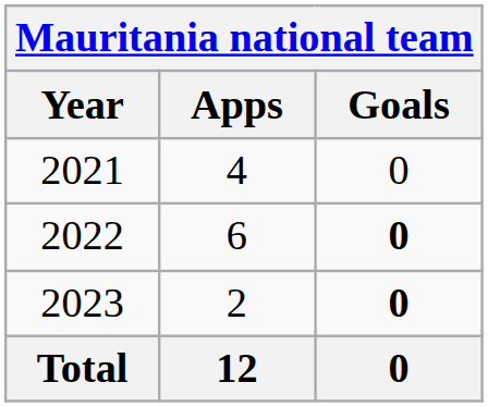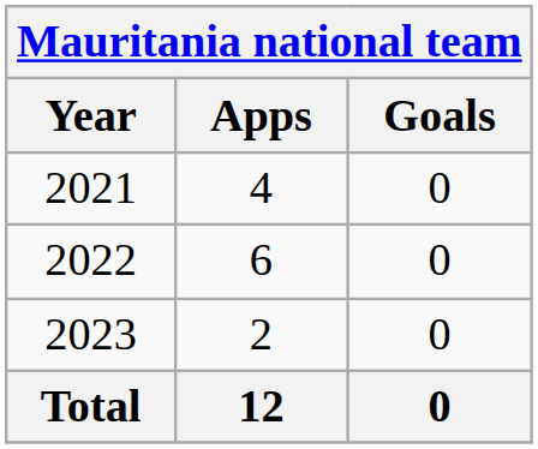 <table class="wikitable" style="text-align:center">
 <tr>
 <th colspan=3><a href='#'>Mauritania national team</a></th>
 </tr>
 <tr>
 <th>Year</th>
 <th>Apps</th>
 <th>Goals</th>
 </tr>
 <tr>
 <td>2021</td>
 <td>4</td>
 <td>0</td>
 </tr>
 <tr>
 <td>2022</td>
 <td>6</td>
-<td><strong>0</strong></td>
+<td>0</td>
 </tr>
 <tr>
 <td>2023</td>
 <td>2</td>
-<td><strong>0</strong></td>
+<td>0</td>
 </tr>
 <tr>
 <th>Total</th>
 <th>12</th>
 <th>0</th>
 </tr>
 </table>
